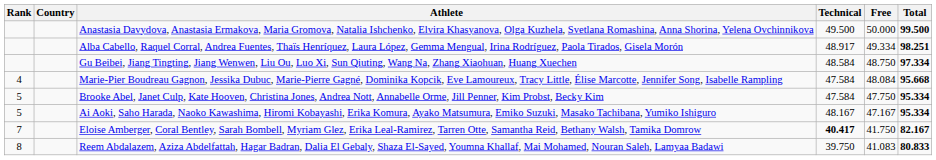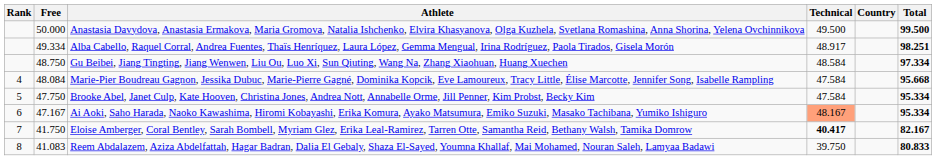 <table class="wikitable sortable" style="text-align:center">
 <tr>
 <th>Rank</th>
-<th>Country</th>
+<th>Free</th>
 <th>Athlete</th>
 <th>Technical</th>
-<th>Free</th>
+<th>Country</th>
 <th>Total</th>
 </tr>
 <tr>
 <td></td>
-<td align=left></td>
+<td>50.000</td>
 <td align=left><a href='#'>Anastasia Davydova</a>, <a href='#'>Anastasia Ermakova</a>, <a href='#'>Maria Gromova</a>, <a href='#'>Natalia Ishchenko</a>, <a href='#'>Elvira Khasyanova</a>, <a href='#'>Olga Kuzhela</a>, <a href='#'>Svetlana Romashina</a>, <a href='#'>Anna Shorina</a>, <a href='#'>Yelena Ovchinnikova</a></td>
 <td>49.500</td>
-<td>50.000</td>
+<td align=left></td>
 <td><strong>99.500</strong></td>
 </tr>
 <tr>
 <td></td>
-<td align=left></td>
+<td>49.334</td>
 <td align=left><a href='#'>Alba Cabello</a>, <a href='#'>Raquel Corral</a>, <a href='#'>Andrea Fuentes</a>, <a href='#'>Thaïs Henríquez</a>, <a href='#'>Laura López</a>, <a href='#'>Gemma Mengual</a>, <a href='#'>Irina Rodríguez</a>, <a href='#'>Paola Tirados</a>, <a href='#'>Gisela Morón</a></td>
 <td>48.917</td>
-<td>49.334</td>
+<td align=left></td>
 <td><strong>98.251</strong></td>
 </tr>
 <tr>
 <td></td>
-<td align=left></td>
+<td>48.750</td>
 <td align=left><a href='#'>Gu Beibei</a>, <a href='#'>Jiang Tingting</a>, <a href='#'>Jiang Wenwen</a>, <a href='#'>Liu Ou</a>, <a href='#'>Luo Xi</a>, <a href='#'>Sun Qiuting</a>, <a href='#'>Wang Na</a>, <a href='#'>Zhang Xiaohuan</a>, <a href='#'>Huang Xuechen</a></td>
 <td>48.584</td>
-<td>48.750</td>
+<td align=left></td>
 <td><strong>97.334</strong></td>
 </tr>
 <tr>
 <td>4</td>
-<td align=left></td>
+<td>48.084</td>
 <td align=left><a href='#'>Marie-Pier Boudreau Gagnon</a>, <a href='#'>Jessika Dubuc</a>, <a href='#'>Marie-Pierre Gagné</a>, <a href='#'>Dominika Kopcik</a>, <a href='#'>Eve Lamoureux</a>, <a href='#'>Tracy Little</a>, <a href='#'>Élise Marcotte</a>, <a href='#'>Jennifer Song</a>, <a href='#'>Isabelle Rampling</a></td>
 <td>47.584</td>
-<td>48.084</td>
+<td align=left></td>
 <td><strong>95.668</strong></td>
 </tr>
 <tr>
 <td>5</td>
-<td align=left></td>
+<td>47.750</td>
 <td align=left><a href='#'>Brooke Abel</a>, <a href='#'>Janet Culp</a>, <a href='#'>Kate Hooven</a>, <a href='#'>Christina Jones</a>, <a href='#'>Andrea Nott</a>, <a href='#'>Annabelle Orme</a>, <a href='#'>Jill Penner</a>, <a href='#'>Kim Probst</a>, <a href='#'>Becky Kim</a></td>
 <td>47.584</td>
-<td>47.750</td>
+<td align=left></td>
 <td><strong>95.334</strong></td>
 </tr>
 <tr>
-<td>5</td>
+<td>6</td>
+<td>47.167</td>
+<td align=left><a href='#'>Ai Aoki</a>, <a href='#'>Saho Harada</a>, <a href='#'>Naoko Kawashima</a>, <a href='#'>Hiromi Kobayashi</a>, <a href='#'>Erika Komura</a>, <a href='#'>Ayako Matsumura</a>, <a href='#'>Emiko Suzuki</a>, <a href='#'>Masako Tachibana</a>, <a href='#'>Yumiko Ishiguro</a></td>
+<td style="background: lightsalmon;">48.167</td>
 <td align=left></td>
-<td align=left><a href='#'>Ai Aoki</a>, <a href='#'>Saho Harada</a>, <a href='#'>Naoko Kawashima</a>, <a href='#'>Hiromi Kobayashi</a>, <a href='#'>Erika Komura</a>, <a href='#'>Ayako Matsumura</a>, <a href='#'>Emiko Suzuki</a>, <a href='#'>Masako Tachibana</a>, <a href='#'>Yumiko Ishiguro</a></td>
-<td>48.167</td>
-<td>47.167</td>
 <td><strong>95.334</strong></td>
 </tr>
 <tr>
 <td>7</td>
-<td align=left></td>
+<td>41.750</td>
 <td align=left><a href='#'>Eloise Amberger</a>, <a href='#'>Coral Bentley</a>, <a href='#'>Sarah Bombell</a>, <a href='#'>Myriam Glez</a>, <a href='#'>Erika Leal-Ramirez</a>, <a href='#'>Tarren Otte</a>, <a href='#'>Samantha Reid</a>, <a href='#'>Bethany Walsh</a>, <a href='#'>Tamika Domrow</a></td>
 <td><strong>40.417</strong></td>
-<td>41.750</td>
+<td align=left></td>
 <td><strong>82.167</strong></td>
 </tr>
 <tr>
 <td>8</td>
-<td align=left></td>
+<td>41.083</td>
 <td align=left><a href='#'>Reem Abdalazem</a>, <a href='#'>Aziza Abdelfattah</a>, <a href='#'>Hagar Badran</a>, <a href='#'>Dalia El Gebaly</a>, <a href='#'>Shaza El-Sayed</a>, <a href='#'>Youmna Khallaf</a>, <a href='#'>Mai Mohamed</a>, <a href='#'>Nouran Saleh</a>, <a href='#'>Lamyaa Badawi</a></td>
 <td>39.750</td>
-<td>41.083</td>
+<td align=left></td>
 <td><strong>80.833</strong></td>
 </tr>
 </table>
